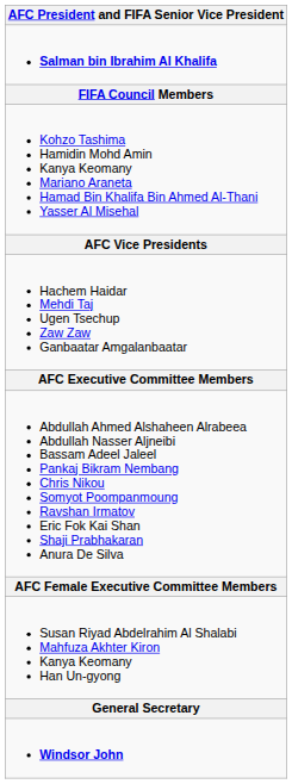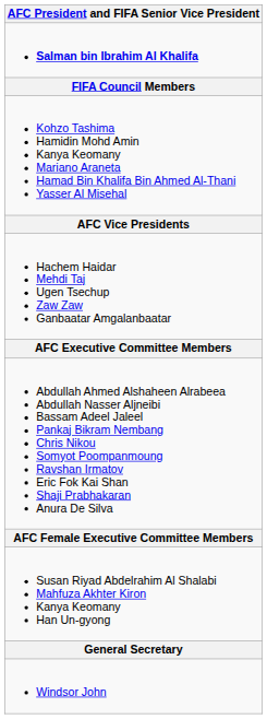 <table class="wikitable">
 <tr>
 <th><a href='#'>AFC President</a> and FIFA Senior Vice President</th>
 </tr>
 <tr>
 <td><strong><br><ul><li> <a href='#'>Salman bin Ibrahim Al Khalifa</a></li></ul></strong></td>
 </tr>
 <tr>
 <th><a href='#'>FIFA Council</a> Members</th>
 </tr>
 <tr>
 <td><br><ul><li> <a href='#'>Kohzo Tashima</a></li><li> Hamidin Mohd Amin</li><li> Kanya Keomany</li><li> <a href='#'>Mariano Araneta</a></li><li> <a href='#'>Hamad Bin Khalifa Bin Ahmed Al-Thani</a></li><li> <a href='#'>Yasser Al Misehal</a></li></ul></td>
 </tr>
 <tr>
 <th>AFC Vice Presidents</th>
 </tr>
 <tr>
 <td><br><ul><li> Hachem Haidar</li><li> <a href='#'>Mehdi Taj</a></li><li> Ugen Tsechup</li><li> <a href='#'>Zaw Zaw</a></li><li> Ganbaatar Amgalanbaatar</li></ul></td>
 </tr>
 <tr>
 <th>AFC Executive Committee Members</th>
 </tr>
 <tr>
 <td><br><ul><li> Abdullah Ahmed Alshaheen Alrabeea</li><li> Abdullah Nasser Aljneibi</li><li> Bassam Adeel Jaleel</li><li> <a href='#'>Pankaj Bikram Nembang</a></li><li> <a href='#'>Chris Nikou</a></li><li> <a href='#'>Somyot Poompanmoung</a></li><li> <a href='#'>Ravshan Irmatov</a></li><li> Eric Fok Kai Shan</li><li> <a href='#'>Shaji Prabhakaran</a></li><li> Anura De Silva</li></ul></td>
 </tr>
 <tr>
 <th>AFC Female Executive Committee Members</th>
 </tr>
 <tr>
 <td><br><ul><li> Susan Riyad Abdelrahim Al Shalabi</li><li> <a href='#'>Mahfuza Akhter Kiron</a></li><li> Kanya Keomany</li><li> Han Un-gyong</li></ul></td>
 </tr>
 <tr>
 <th>General Secretary</th>
 </tr>
 <tr>
-<td><strong><br><ul><li> <a href='#'>Windsor John</a></li></ul></strong></td>
+<td><br><ul><li> <a href='#'>Windsor John</a></li></ul></td>
 </tr>
 </table>
